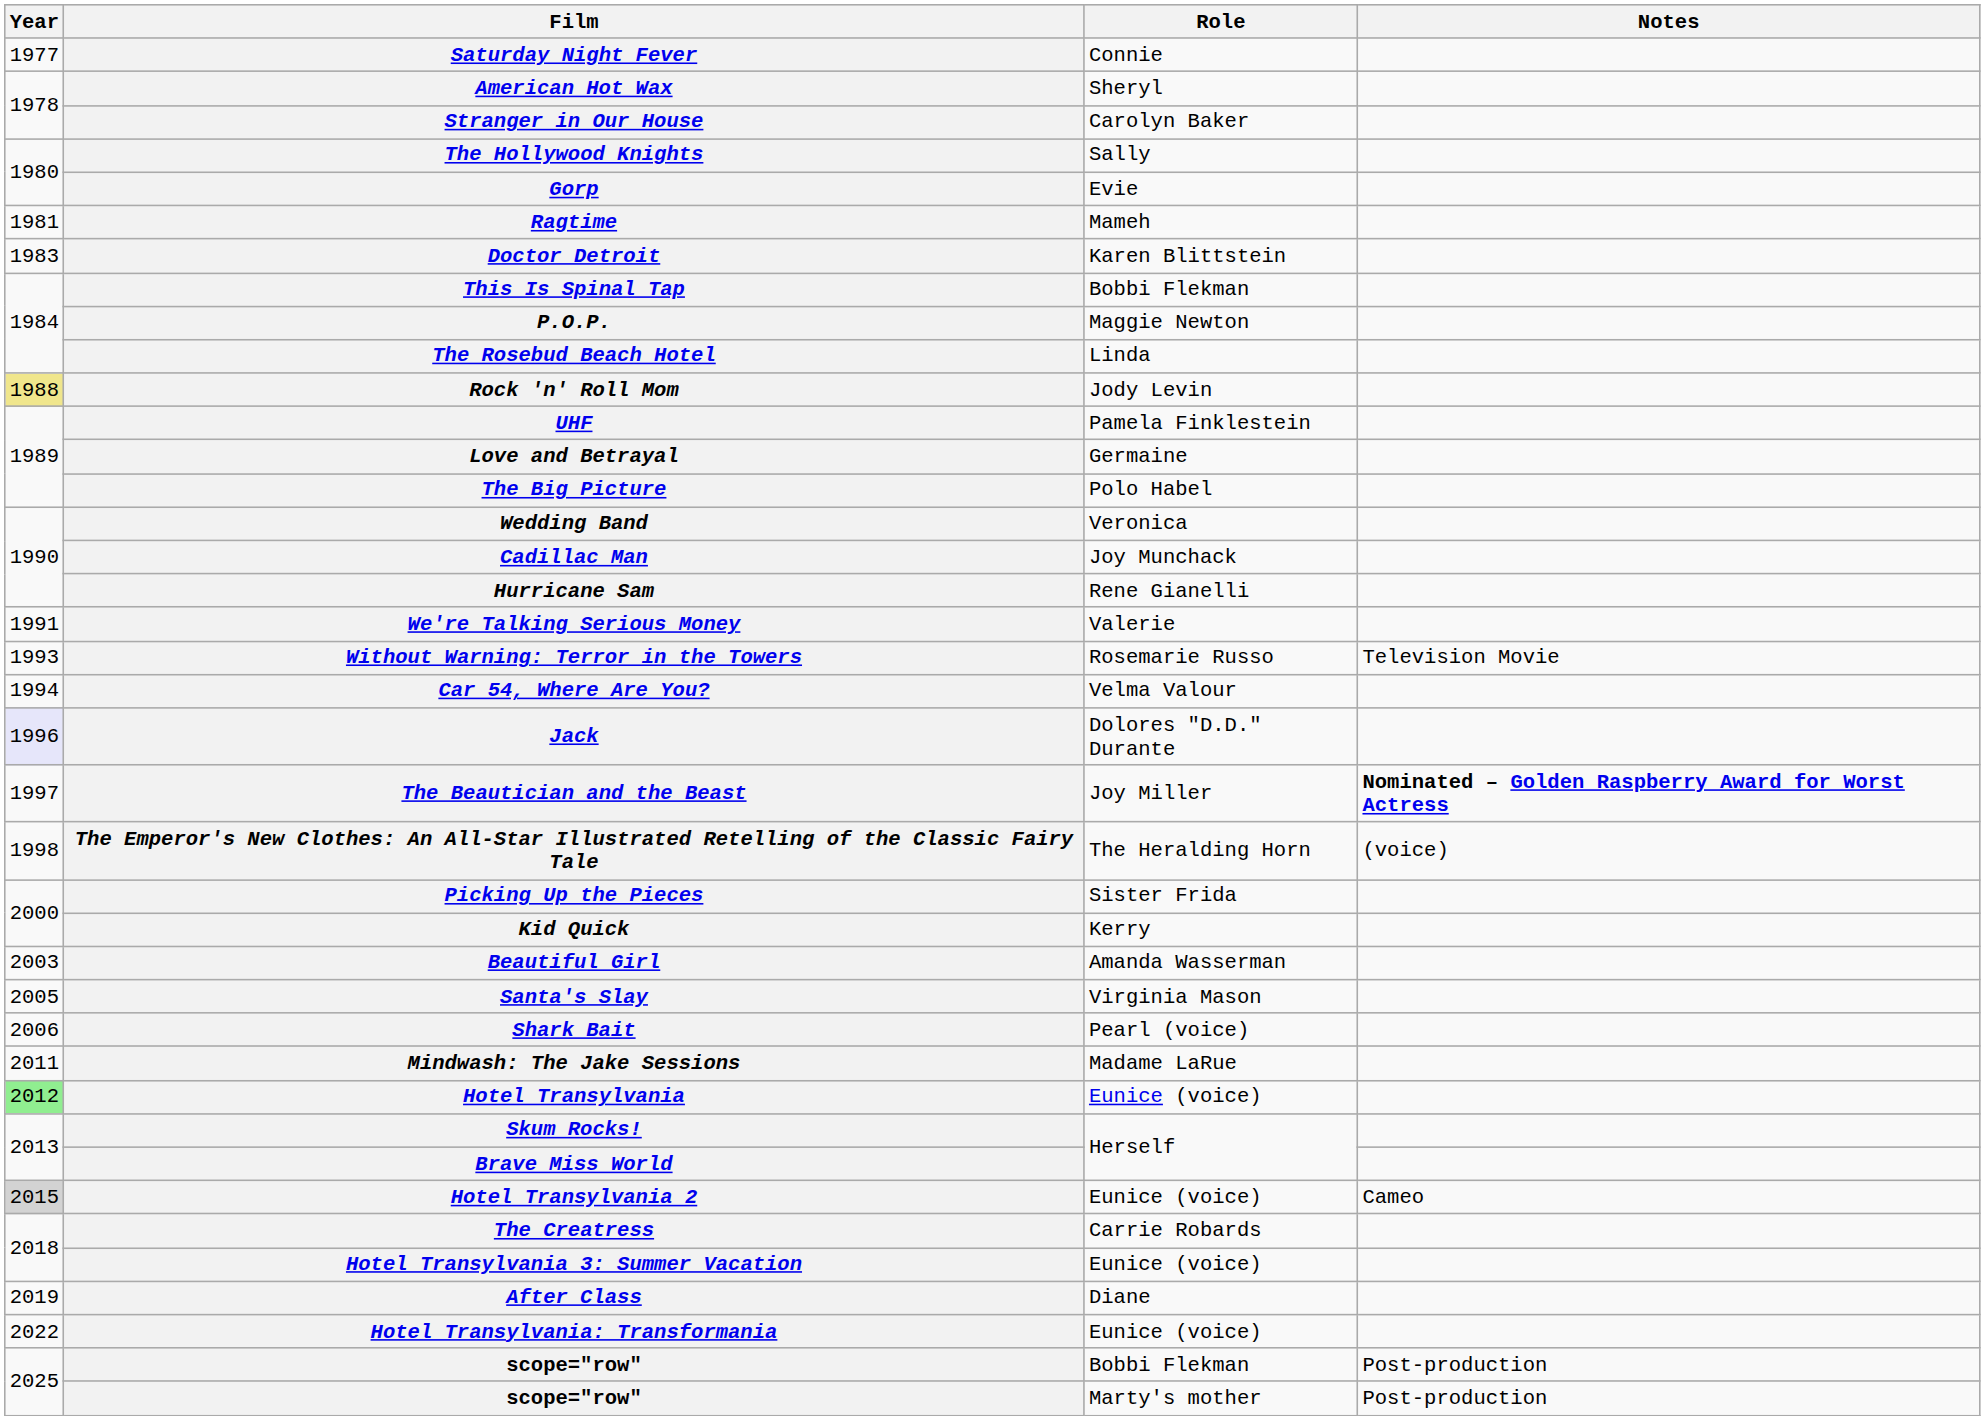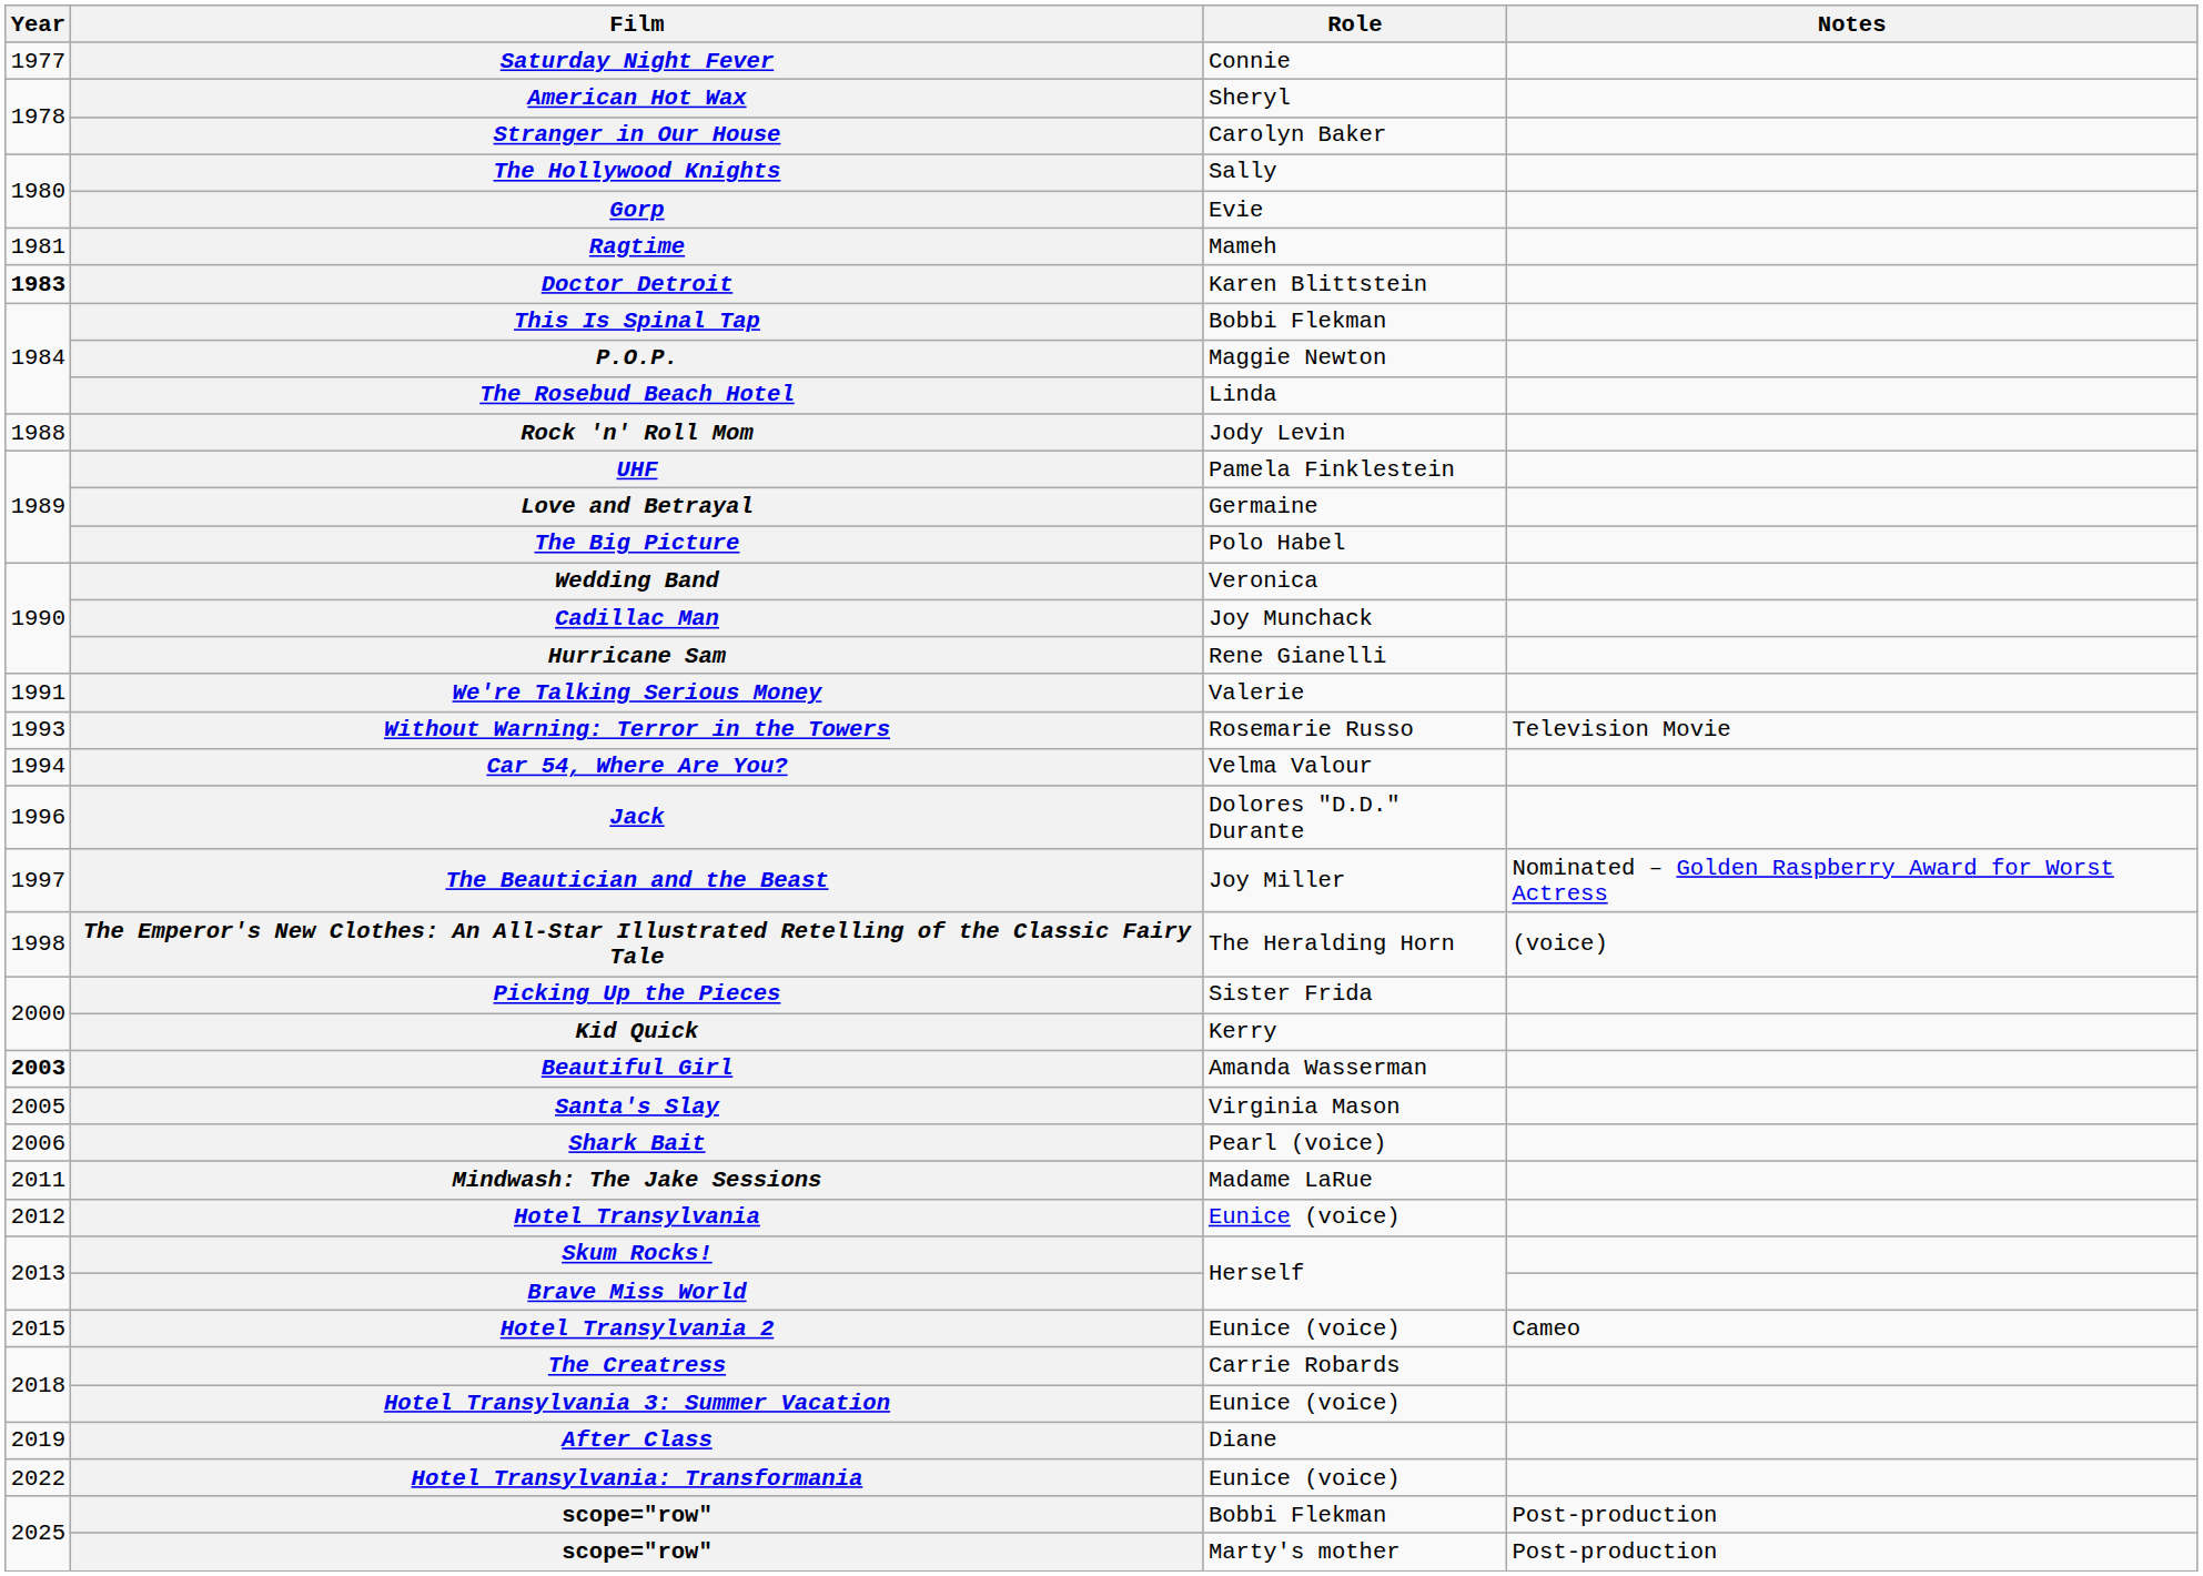 <table class="wikitable sortable plainrowheaders">
 <tr>
 <th scope="col">Year</th>
 <th scope="col">Film</th>
 <th scope="col">Role</th>
 <th scope="col" class="unsortable">Notes</th>
 </tr>
 <tr>
 <td>1977</td>
 <th scope="row"><em><a href='#'>Saturday Night Fever</a></em></th>
 <td>Connie</td>
 <td></td>
 </tr>
 <tr>
 <td rowspan=2>1978</td>
 <th scope="row"><em><a href='#'>American Hot Wax</a></em></th>
 <td>Sheryl</td>
 <td></td>
 </tr>
 <tr>
 <th scope="row"><em><a href='#'>Stranger in Our House</a></em></th>
 <td>Carolyn Baker</td>
 <td></td>
 </tr>
 <tr>
 <td rowspan=2>1980</td>
 <th scope="row"><em><a href='#'>The Hollywood Knights</a></em></th>
 <td>Sally</td>
 <td></td>
 </tr>
 <tr>
 <th scope="row"><em><a href='#'>Gorp</a></em></th>
 <td>Evie</td>
 <td></td>
 </tr>
 <tr>
 <td>1981</td>
 <th scope="row"><em><a href='#'>Ragtime</a></em></th>
 <td>Mameh</td>
 <td></td>
 </tr>
 <tr>
-<td>1983</td>
+<td><strong>1983</strong></td>
 <th scope="row"><em><a href='#'>Doctor Detroit</a></em></th>
 <td>Karen Blittstein</td>
 <td></td>
 </tr>
 <tr>
 <td rowspan=3>1984</td>
 <th scope="row"><em><a href='#'>This Is Spinal Tap</a></em></th>
 <td>Bobbi Flekman</td>
 <td></td>
 </tr>
 <tr>
 <th scope="row"><em>P.O.P.</em></th>
 <td>Maggie Newton</td>
 <td></td>
 </tr>
 <tr>
 <th scope="row"><em><a href='#'>The Rosebud Beach Hotel</a></em></th>
 <td>Linda</td>
 <td></td>
 </tr>
 <tr>
-<td style="background: khaki;">1988</td>
+<td>1988</td>
 <th scope="row"><em>Rock 'n' Roll Mom</em></th>
 <td>Jody Levin</td>
 <td></td>
 </tr>
 <tr>
 <td rowspan=3>1989</td>
 <th scope="row"><em><a href='#'>UHF</a></em></th>
 <td>Pamela Finklestein</td>
 <td></td>
 </tr>
 <tr>
 <th scope="row"><em>Love and Betrayal</em></th>
 <td>Germaine</td>
 <td></td>
 </tr>
 <tr>
 <th scope="row"><a href='#'><em>The Big Picture</em></a></th>
 <td>Polo Habel</td>
 <td></td>
 </tr>
 <tr>
 <td rowspan=3>1990</td>
 <th scope="row"><em>Wedding Band</em></th>
 <td>Veronica</td>
 <td></td>
 </tr>
 <tr>
 <th scope="row"><em><a href='#'>Cadillac Man</a></em></th>
 <td>Joy Munchack</td>
 <td></td>
 </tr>
 <tr>
 <th scope="row"><em>Hurricane Sam</em></th>
 <td>Rene Gianelli</td>
 <td></td>
 </tr>
 <tr>
 <td>1991</td>
 <th scope="row"><em><a href='#'>We're Talking Serious Money</a></em></th>
 <td>Valerie</td>
 <td></td>
 </tr>
 <tr>
 <td>1993</td>
 <th scope="row"><em><a href='#'>Without Warning: Terror in the Towers</a></em></th>
 <td>Rosemarie Russo</td>
 <td>Television Movie</td>
 </tr>
 <tr>
 <td>1994</td>
 <th scope="row"><em><a href='#'>Car 54, Where Are You?</a></em></th>
 <td>Velma Valour</td>
 <td></td>
 </tr>
 <tr>
-<td style="background: lavender;">1996</td>
+<td>1996</td>
 <th scope="row"><em><a href='#'>Jack</a></em></th>
 <td>Dolores "D.D." Durante</td>
 <td></td>
 </tr>
 <tr>
 <td>1997</td>
 <th scope="row"><em><a href='#'>The Beautician and the Beast</a></em></th>
 <td>Joy Miller</td>
-<td><strong>Nominated – <a href='#'>Golden Raspberry Award for Worst Actress</a></strong></td>
+<td>Nominated – <a href='#'>Golden Raspberry Award for Worst Actress</a></td>
 </tr>
 <tr>
 <td>1998</td>
 <th scope="row"><em>The Emperor's New Clothes: An All-Star Illustrated Retelling of the Classic Fairy Tale</em></th>
 <td>The Heralding Horn</td>
 <td>(voice)</td>
 </tr>
 <tr>
 <td rowspan=2>2000</td>
 <th scope="row"><em><a href='#'>Picking Up the Pieces</a></em></th>
 <td>Sister Frida</td>
 <td></td>
 </tr>
 <tr>
 <th scope="row"><em>Kid Quick</em></th>
 <td>Kerry</td>
 <td></td>
 </tr>
 <tr>
-<td>2003</td>
+<td><strong>2003</strong></td>
 <th scope="row"><em><a href='#'>Beautiful Girl</a></em></th>
 <td>Amanda Wasserman</td>
 <td></td>
 </tr>
 <tr>
 <td>2005</td>
 <th scope="row"><em><a href='#'>Santa's Slay</a></em></th>
 <td>Virginia Mason</td>
 <td></td>
 </tr>
 <tr>
 <td>2006</td>
 <th scope="row"><em><a href='#'>Shark Bait</a></em></th>
 <td>Pearl (voice)</td>
 <td></td>
 </tr>
 <tr>
 <td>2011</td>
 <th scope="row"><em>Mindwash: The Jake Sessions</em></th>
 <td>Madame LaRue</td>
 <td></td>
 </tr>
 <tr>
-<td style="background: lightgreen;">2012</td>
+<td>2012</td>
 <th scope="row"><em><a href='#'>Hotel Transylvania</a></em></th>
 <td><a href='#'>Eunice</a> (voice)</td>
 <td></td>
 </tr>
 <tr>
 <td rowspan=2>2013</td>
 <th scope="row"><em><a href='#'>Skum Rocks!</a></em></th>
 <td rowspan=2>Herself</td>
 <td></td>
 </tr>
 <tr>
 <th scope="row"><em><a href='#'>Brave Miss World</a></em></th>
 <td></td>
 </tr>
 <tr>
-<td style="background: lightgrey;">2015</td>
+<td>2015</td>
 <th scope="row"><em><a href='#'>Hotel Transylvania 2</a></em></th>
 <td>Eunice (voice)</td>
 <td>Cameo</td>
 </tr>
 <tr>
 <td rowspan=2>2018</td>
 <th scope="row"><em><a href='#'>The Creatress</a></em></th>
 <td>Carrie Robards</td>
 <td></td>
 </tr>
 <tr>
 <th scope="row"><em><a href='#'>Hotel Transylvania 3: Summer Vacation</a></em></th>
 <td>Eunice (voice)</td>
 <td></td>
 </tr>
 <tr>
 <td>2019</td>
 <th scope="row"><em><a href='#'>After Class</a></em></th>
 <td>Diane</td>
 <td></td>
 </tr>
 <tr>
 <td>2022</td>
 <th scope="row"><em><a href='#'>Hotel Transylvania: Transformania</a></em></th>
 <td>Eunice (voice)</td>
 <td></td>
 </tr>
 <tr>
 <td rowspan=2>2025</td>
 <th>scope="row" </th>
 <td>Bobbi Flekman</td>
 <td>Post-production</td>
 </tr>
 <tr>
 <th>scope="row" </th>
 <td>Marty's mother</td>
 <td>Post-production</td>
 </tr>
 </table>
